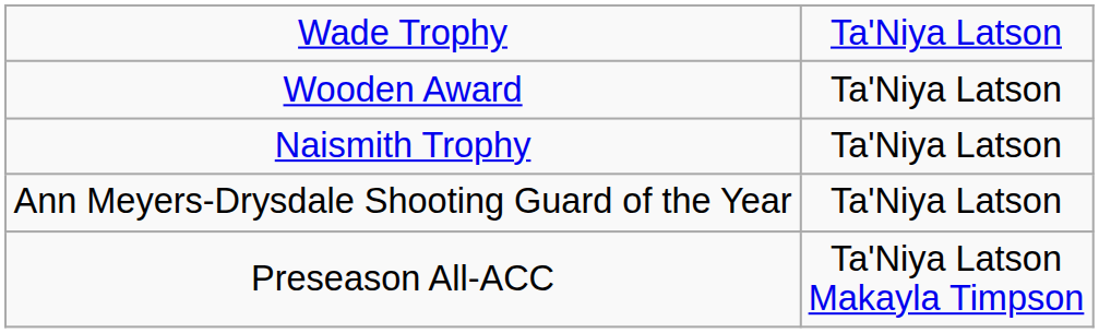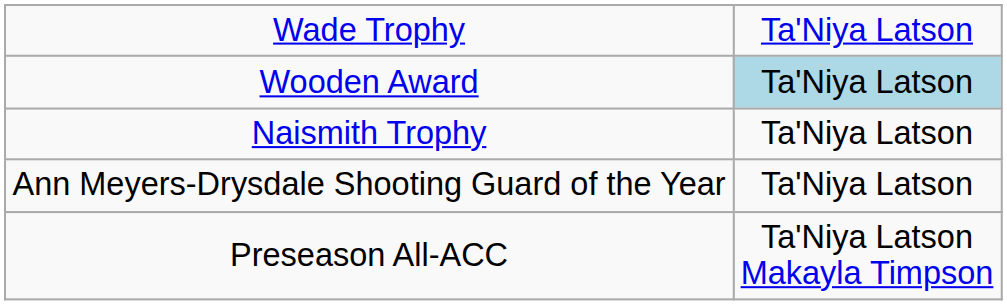 <table class="wikitable" style="text-align:center;">
 <tr>
 <td><a href='#'>Wade Trophy</a></td>
 <td><a href='#'>Ta'Niya Latson</a></td>
 </tr>
 <tr>
 <td><a href='#'>Wooden Award</a></td>
-<td>Ta'Niya Latson</td>
+<td style="background: lightblue;">Ta'Niya Latson</td>
 </tr>
 <tr>
 <td><a href='#'>Naismith Trophy</a></td>
 <td>Ta'Niya Latson</td>
 </tr>
 <tr>
 <td>Ann Meyers-Drysdale Shooting Guard of the Year</td>
 <td>Ta'Niya Latson</td>
 </tr>
 <tr>
 <td>Preseason All-ACC</td>
 <td>Ta'Niya Latson<br><a href='#'>Makayla Timpson</a></td>
 </tr>
 </table>
